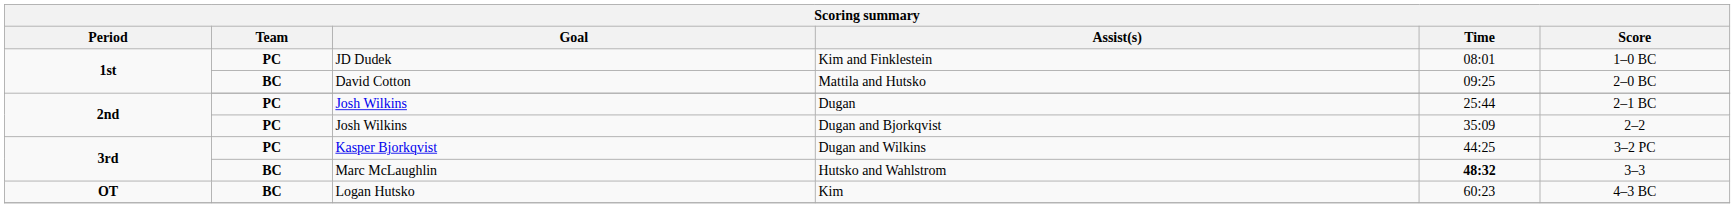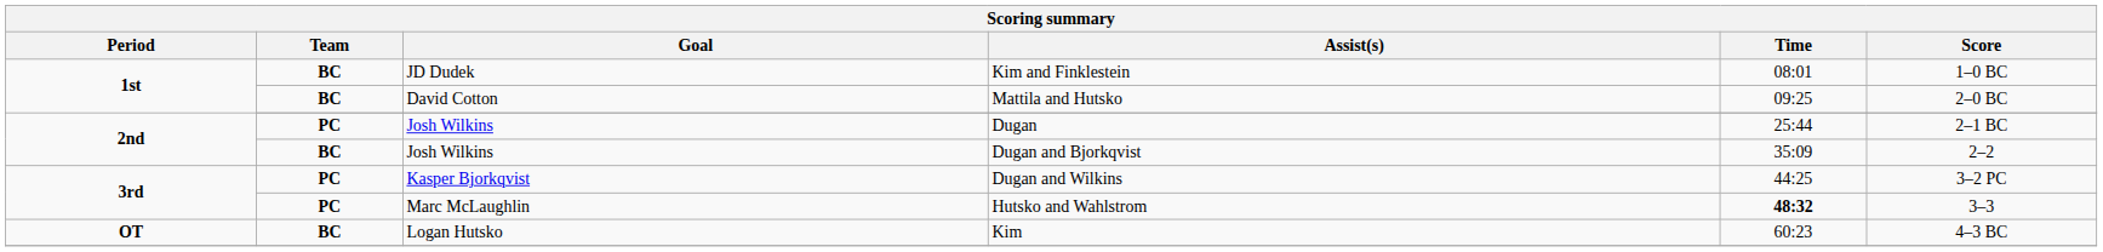 <table style="width:100%;" class="wikitable">
 <tr>
 <th colspan=6>Scoring summary</th>
 </tr>
 <tr>
 <th style="width:12%;">Period</th>
 <th style="width:7%;">Team</th>
 <th style="width:28%;">Goal</th>
 <th style="width:35%;">Assist(s)</th>
 <th style="width:7%;">Time</th>
 <th style="width:11%;">Score</th>
 </tr>
 <tr>
 <td style="text-align:center;" rowspan="2"><strong>1st</strong></td>
-<td align=center><strong>PC</strong></td>
+<td align=center><strong>BC</strong></td>
 <td>JD Dudek</td>
 <td>Kim and Finklestein</td>
 <td align=center>08:01</td>
 <td align=center>1–0 BC</td>
 </tr>
 <tr>
 <td align=center><strong>BC</strong></td>
 <td>David Cotton</td>
 <td>Mattila and Hutsko</td>
 <td align=center>09:25</td>
 <td align=center>2–0 BC</td>
 </tr>
 <tr>
 <td style="text-align:center;" rowspan="3"><strong>2nd</strong></td>
 </tr>
 <tr>
 <td align=center><strong>PC</strong></td>
 <td><a href='#'>Josh Wilkins</a></td>
 <td>Dugan</td>
 <td align=center>25:44</td>
 <td align=center>2–1 BC</td>
 </tr>
 <tr>
-<td align=center><strong>PC</strong></td>
+<td align=center><strong>BC</strong></td>
 <td>Josh Wilkins</td>
 <td>Dugan and Bjorkqvist</td>
 <td align=center>35:09</td>
 <td align=center>2–2</td>
 </tr>
 <tr>
 <td style="text-align:center;" rowspan="2"><strong>3rd</strong></td>
 <td align=center><strong>PC</strong></td>
 <td><a href='#'>Kasper Bjorkqvist</a></td>
 <td>Dugan and Wilkins</td>
 <td align=center>44:25</td>
 <td align=center>3–2 PC</td>
 </tr>
 <tr>
-<td align=center><strong>BC</strong></td>
+<td align=center><strong>PC</strong></td>
 <td>Marc McLaughlin</td>
 <td>Hutsko and Wahlstrom</td>
 <td align=center><strong>48:32</strong></td>
 <td align=center>3–3</td>
 </tr>
 <tr>
 <td style="text-align:center;" rowspan="1"><strong>OT</strong></td>
 <td align=center><strong>BC</strong></td>
 <td>Logan Hutsko</td>
 <td>Kim</td>
 <td align=center>60:23</td>
 <td align=center>4–3 BC</td>
 </tr>
 <tr>
 </tr>
 </table>
